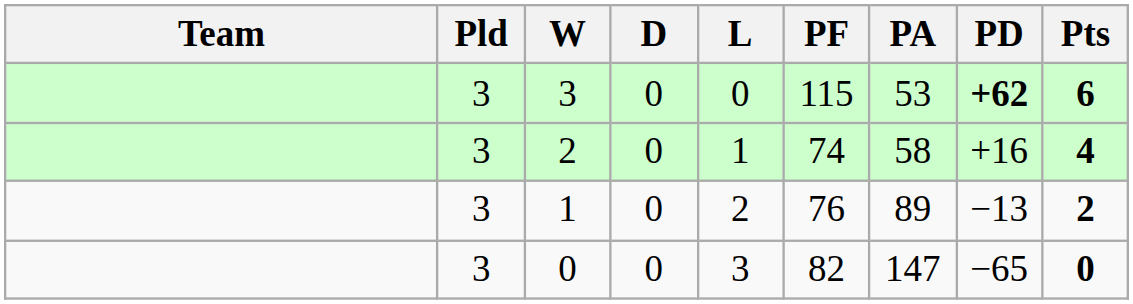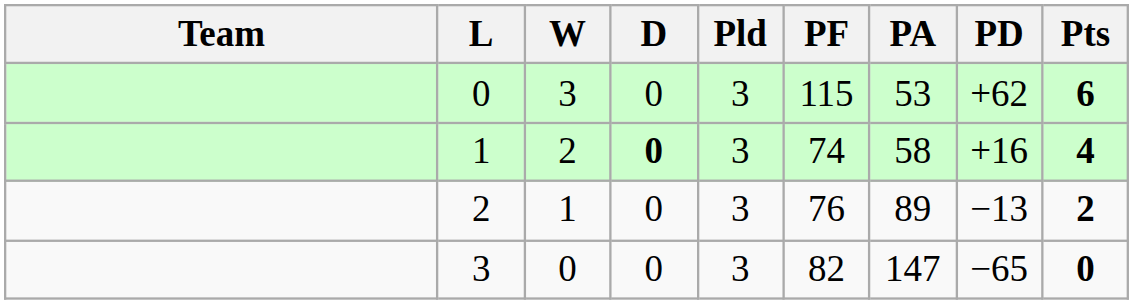 <table class=wikitable style="text-align:center">
 <tr>
 <th width=180>Team</th>
-<th width=30>Pld</th>
+<th width=30>L</th>
 <th width=30>W</th>
 <th width=30>D</th>
-<th width=30>L</th>
+<th width=30>Pld</th>
 <th width=30>PF</th>
 <th width=30>PA</th>
 <th width=30>PD</th>
 <th width=30>Pts</th>
 </tr>
 <tr bgcolor="ccffcc">
 <td style="text-align:left"></td>
-<td>3</td>
+<td>0</td>
 <td>3</td>
 <td>0</td>
-<td>0</td>
+<td>3</td>
 <td>115</td>
 <td>53</td>
-<td><strong>+62</strong></td>
+<td>+62</td>
 <td><strong>6</strong></td>
 </tr>
 <tr bgcolor="ccffcc">
 <td style="text-align:left"></td>
+<td>1</td>
+<td>2</td>
+<td><strong>0</strong></td>
 <td>3</td>
-<td>2</td>
-<td>0</td>
-<td>1</td>
 <td>74</td>
 <td>58</td>
 <td>+16</td>
 <td><strong>4</strong></td>
 </tr>
 <tr>
 <td style="text-align:left"></td>
-<td>3</td>
+<td>2</td>
 <td>1</td>
 <td>0</td>
-<td>2</td>
+<td>3</td>
 <td>76</td>
 <td>89</td>
 <td>−13</td>
 <td><strong>2</strong></td>
 </tr>
 <tr>
 <td style="text-align:left"></td>
 <td>3</td>
 <td>0</td>
 <td>0</td>
 <td>3</td>
 <td>82</td>
 <td>147</td>
 <td>−65</td>
 <td><strong>0</strong></td>
 </tr>
 </table>
